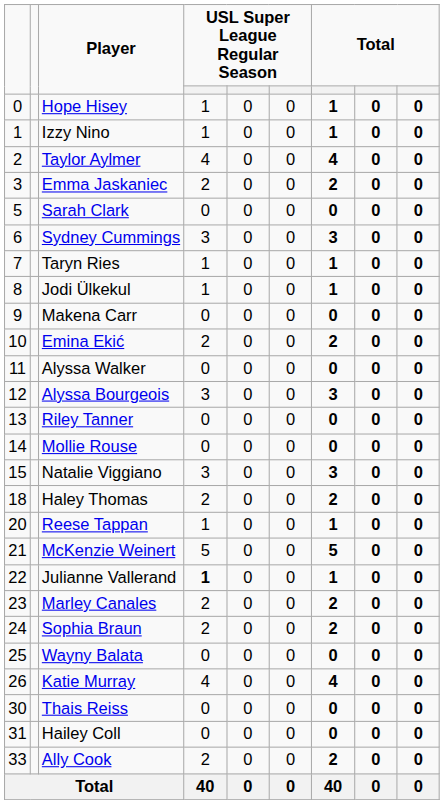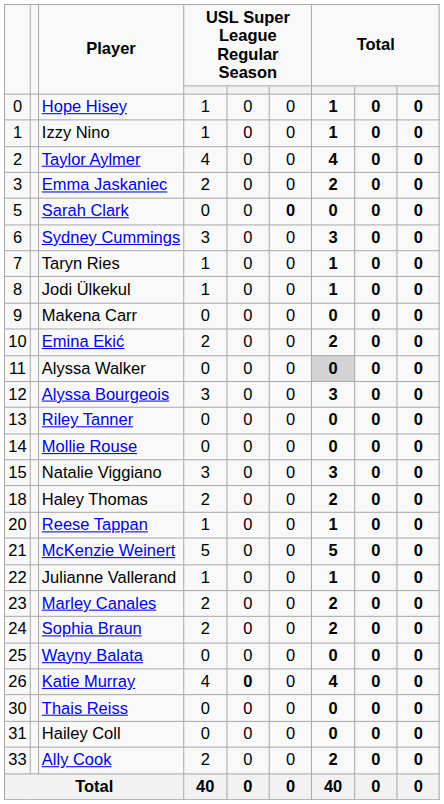 <table class="wikitable" style="text-align:center;">
 <tr>
 <td rowspan="2" !width=15><strong></strong></td>
 <td rowspan="2" !width=15><strong></strong></td>
 <td rowspan="2" !width=120><strong>Player</strong></td>
 <td colspan="3"><strong>USL Super League Regular Season</strong></td>
 <td colspan="3"><strong>Total</strong></td>
 </tr>
 <tr>
 <th width=34; background:#fe9;></th>
 <th width=34; background:#fe9;></th>
 <th width=34; background:#ff8888;></th>
 <th width=34; background:#fe9;></th>
 <th width=34; background:#fe9;></th>
 <th width=34; background:#ff8888;></th>
 </tr>
 <tr>
 <td>0</td>
 <td></td>
 <td align="left"><a href='#'>Hope Hisey</a></td>
 <td>1</td>
 <td>0</td>
 <td>0</td>
 <td><strong>1</strong></td>
 <td><strong>0</strong></td>
 <td><strong>0</strong></td>
 </tr>
 <tr>
 <td>1</td>
 <td></td>
 <td align="left">Izzy Nino</td>
 <td>1</td>
 <td>0</td>
 <td>0</td>
 <td><strong>1</strong></td>
 <td><strong>0</strong></td>
 <td><strong>0</strong></td>
 </tr>
 <tr>
 <td>2</td>
 <td></td>
 <td align="left"><a href='#'>Taylor Aylmer</a></td>
 <td>4</td>
 <td>0</td>
 <td>0</td>
 <td><strong>4</strong></td>
 <td><strong>0</strong></td>
 <td><strong>0</strong></td>
 </tr>
 <tr>
 <td>3</td>
 <td></td>
 <td align="left"><a href='#'>Emma Jaskaniec</a></td>
 <td>2</td>
 <td>0</td>
 <td>0</td>
 <td><strong>2</strong></td>
 <td><strong>0</strong></td>
 <td><strong>0</strong></td>
 </tr>
 <tr>
 <td>5</td>
 <td></td>
 <td align="left"><a href='#'>Sarah Clark</a></td>
 <td>0</td>
 <td>0</td>
-<td>0</td>
+<td><strong>0</strong></td>
 <td><strong>0</strong></td>
 <td><strong>0</strong></td>
 <td><strong>0</strong></td>
 </tr>
 <tr>
 <td>6</td>
 <td></td>
 <td align="left"><a href='#'>Sydney Cummings</a></td>
 <td>3</td>
 <td>0</td>
 <td>0</td>
 <td><strong>3</strong></td>
 <td><strong>0</strong></td>
 <td><strong>0</strong></td>
 </tr>
 <tr>
 <td>7</td>
 <td></td>
 <td align="left">Taryn Ries</td>
 <td>1</td>
 <td>0</td>
 <td>0</td>
 <td><strong>1</strong></td>
 <td><strong>0</strong></td>
 <td><strong>0</strong></td>
 </tr>
 <tr>
 <td>8</td>
 <td></td>
 <td align="left">Jodi Ülkekul</td>
 <td>1</td>
 <td>0</td>
 <td>0</td>
 <td><strong>1</strong></td>
 <td><strong>0</strong></td>
 <td><strong>0</strong></td>
 </tr>
 <tr>
 <td>9</td>
 <td></td>
 <td align="left">Makena Carr</td>
 <td>0</td>
 <td>0</td>
 <td>0</td>
 <td><strong>0</strong></td>
 <td><strong>0</strong></td>
 <td><strong>0</strong></td>
 </tr>
 <tr>
 <td>10</td>
 <td></td>
 <td align="left"><a href='#'>Emina Ekić</a></td>
 <td>2</td>
 <td>0</td>
 <td>0</td>
 <td><strong>2</strong></td>
 <td><strong>0</strong></td>
 <td><strong>0</strong></td>
 </tr>
 <tr>
 <td>11</td>
 <td></td>
 <td align="left">Alyssa Walker</td>
 <td>0</td>
 <td>0</td>
 <td>0</td>
-<td><strong>0</strong></td>
+<td style="background: lightgrey;"><strong>0</strong></td>
 <td><strong>0</strong></td>
 <td><strong>0</strong></td>
 </tr>
 <tr>
 <td>12</td>
 <td></td>
 <td align="left"><a href='#'>Alyssa Bourgeois</a></td>
 <td>3</td>
 <td>0</td>
 <td>0</td>
 <td><strong>3</strong></td>
 <td><strong>0</strong></td>
 <td><strong>0</strong></td>
 </tr>
 <tr>
 <td>13</td>
 <td></td>
 <td align="left"><a href='#'>Riley Tanner</a></td>
 <td>0</td>
 <td>0</td>
 <td>0</td>
 <td><strong>0</strong></td>
 <td><strong>0</strong></td>
 <td><strong>0</strong></td>
 </tr>
 <tr>
 <td>14</td>
 <td></td>
 <td align="left"><a href='#'>Mollie Rouse</a></td>
 <td>0</td>
 <td>0</td>
 <td>0</td>
 <td><strong>0</strong></td>
 <td><strong>0</strong></td>
 <td><strong>0</strong></td>
 </tr>
 <tr>
 <td>15</td>
 <td></td>
 <td align="left">Natalie Viggiano</td>
 <td>3</td>
 <td>0</td>
 <td>0</td>
 <td><strong>3</strong></td>
 <td><strong>0</strong></td>
 <td><strong>0</strong></td>
 </tr>
 <tr>
 <td>18</td>
 <td></td>
 <td align="left">Haley Thomas</td>
 <td>2</td>
 <td>0</td>
 <td>0</td>
 <td><strong>2</strong></td>
 <td><strong>0</strong></td>
 <td><strong>0</strong></td>
 </tr>
 <tr>
 <td>20</td>
 <td></td>
 <td align="left"><a href='#'>Reese Tappan</a></td>
 <td>1</td>
 <td>0</td>
 <td>0</td>
 <td><strong>1</strong></td>
 <td><strong>0</strong></td>
 <td><strong>0</strong></td>
 </tr>
 <tr>
 <td>21</td>
 <td></td>
 <td align="left"><a href='#'>McKenzie Weinert</a></td>
 <td>5</td>
 <td>0</td>
 <td>0</td>
 <td><strong>5</strong></td>
 <td><strong>0</strong></td>
 <td><strong>0</strong></td>
 </tr>
 <tr>
 <td>22</td>
 <td></td>
 <td align="left">Julianne Vallerand</td>
-<td><strong>1</strong></td>
+<td>1</td>
 <td>0</td>
 <td>0</td>
 <td><strong>1</strong></td>
 <td><strong>0</strong></td>
 <td><strong>0</strong></td>
 </tr>
 <tr>
 <td>23</td>
 <td></td>
 <td align="left"><a href='#'>Marley Canales</a></td>
 <td>2</td>
 <td>0</td>
 <td>0</td>
 <td><strong>2</strong></td>
 <td><strong>0</strong></td>
 <td><strong>0</strong></td>
 </tr>
 <tr>
 <td>24</td>
 <td></td>
 <td align="left"><a href='#'>Sophia Braun</a></td>
 <td>2</td>
 <td>0</td>
 <td>0</td>
 <td><strong>2</strong></td>
 <td><strong>0</strong></td>
 <td><strong>0</strong></td>
 </tr>
 <tr>
 <td>25</td>
 <td></td>
 <td align="left"><a href='#'>Wayny Balata</a></td>
 <td>0</td>
 <td>0</td>
 <td>0</td>
 <td><strong>0</strong></td>
 <td><strong>0</strong></td>
 <td><strong>0</strong></td>
 </tr>
 <tr>
 <td>26</td>
 <td></td>
 <td align="left"><a href='#'>Katie Murray</a></td>
 <td>4</td>
-<td>0</td>
+<td><strong>0</strong></td>
 <td>0</td>
 <td><strong>4</strong></td>
 <td><strong>0</strong></td>
 <td><strong>0</strong></td>
 </tr>
 <tr>
 <td>30</td>
 <td></td>
 <td align="left"><a href='#'>Thais Reiss</a></td>
 <td>0</td>
 <td>0</td>
 <td>0</td>
 <td><strong>0</strong></td>
 <td><strong>0</strong></td>
 <td><strong>0</strong></td>
 </tr>
 <tr>
 <td>31</td>
 <td></td>
 <td align="left">Hailey Coll</td>
 <td>0</td>
 <td>0</td>
 <td>0</td>
 <td><strong>0</strong></td>
 <td><strong>0</strong></td>
 <td><strong>0</strong></td>
 </tr>
 <tr>
 <td>33</td>
 <td></td>
 <td align="left"><a href='#'>Ally Cook</a></td>
 <td>2</td>
 <td>0</td>
 <td>0</td>
 <td><strong>2</strong></td>
 <td><strong>0</strong></td>
 <td><strong>0</strong></td>
 </tr>
 <tr>
 <th colspan="3">Total</th>
 <th>40</th>
 <th>0</th>
 <th>0</th>
 <th>40</th>
 <th>0</th>
 <th>0</th>
 </tr>
 </table>
